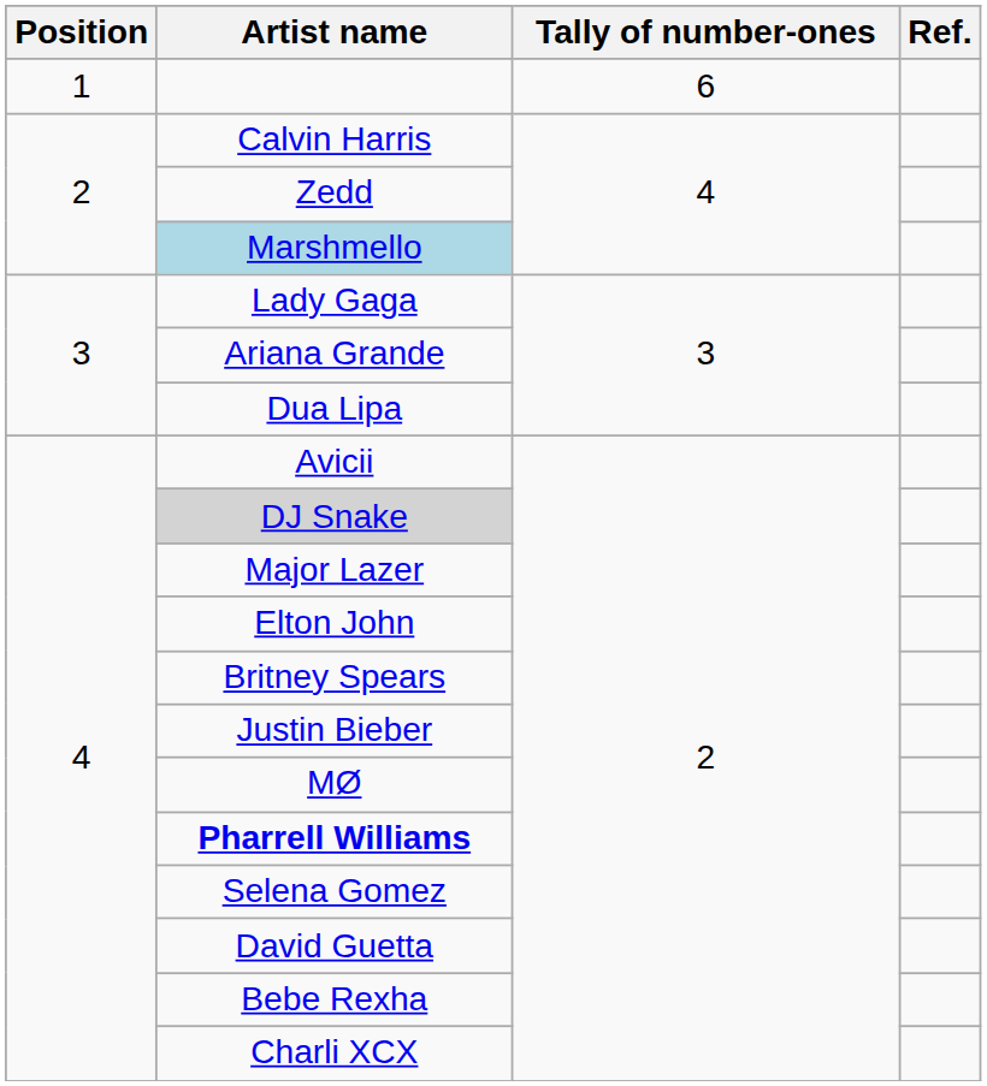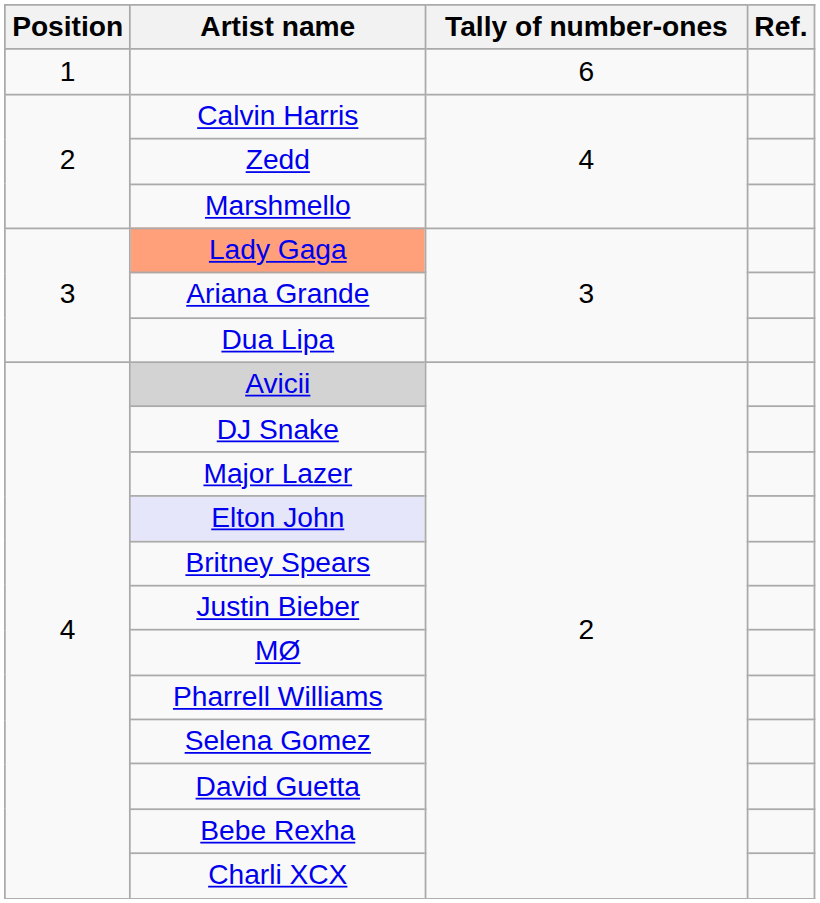 <table class="wikitable sortable plainrowheaders" style="text-align:center;">
 <tr>
 <th scope="col" style="width:4em;" class="unsortable">Position</th>
 <th scope="col" style="width:10em;">Artist name</th>
 <th scope="col" style="width:11em;" class="unsortable">Tally of number-ones</th>
 <th scope="col" style="width:1em;">Ref.</th>
 </tr>
 <tr>
 <td>1</td>
 <td></td>
 <td>6</td>
 <td></td>
 </tr>
 <tr>
 <td rowspan="3">2</td>
 <td><a href='#'>Calvin Harris</a></td>
 <td rowspan="3">4</td>
 <td></td>
 </tr>
 <tr>
 <td><a href='#'>Zedd</a></td>
 <td></td>
 </tr>
 <tr>
-<td style="background: lightblue;"><a href='#'>Marshmello</a></td>
+<td><a href='#'>Marshmello</a></td>
 <td></td>
 </tr>
 <tr>
 <td rowspan="3">3</td>
-<td><a href='#'>Lady Gaga</a></td>
+<td style="background: lightsalmon;"><a href='#'>Lady Gaga</a></td>
 <td rowspan="3">3</td>
 <td></td>
 </tr>
 <tr>
 <td><a href='#'>Ariana Grande</a></td>
 <td></td>
 </tr>
 <tr>
 <td><a href='#'>Dua Lipa</a></td>
 <td></td>
 </tr>
 <tr>
 <td rowspan="13">4</td>
-<td><a href='#'>Avicii</a></td>
+<td style="background: lightgrey;"><a href='#'>Avicii</a></td>
 <td rowspan="13">2</td>
 <td></td>
 </tr>
 <tr>
-<td style="background: lightgrey;"><a href='#'>DJ Snake</a></td>
+<td><a href='#'>DJ Snake</a></td>
 <td></td>
 </tr>
 <tr>
 <td><a href='#'>Major Lazer</a></td>
 <td></td>
 </tr>
 <tr>
-<td><a href='#'>Elton John</a></td>
+<td style="background: lavender;"><a href='#'>Elton John</a></td>
 <td></td>
 </tr>
 <tr>
 <td><a href='#'>Britney Spears</a></td>
 <td></td>
 </tr>
 <tr>
 <td><a href='#'>Justin Bieber</a></td>
 <td></td>
 </tr>
 <tr>
 <td><a href='#'>MØ</a></td>
 <td></td>
 </tr>
 <tr>
-<td><strong><a href='#'>Pharrell Williams</a></strong></td>
+<td><a href='#'>Pharrell Williams</a></td>
 <td></td>
 </tr>
 <tr>
 <td><a href='#'>Selena Gomez</a></td>
 <td></td>
 </tr>
 <tr>
 <td><a href='#'>David Guetta</a></td>
 <td></td>
 </tr>
 <tr>
 <td><a href='#'>Bebe Rexha</a></td>
 <td></td>
 </tr>
 <tr>
 <td><a href='#'>Charli XCX</a></td>
 <td></td>
 </tr>
 </table>
